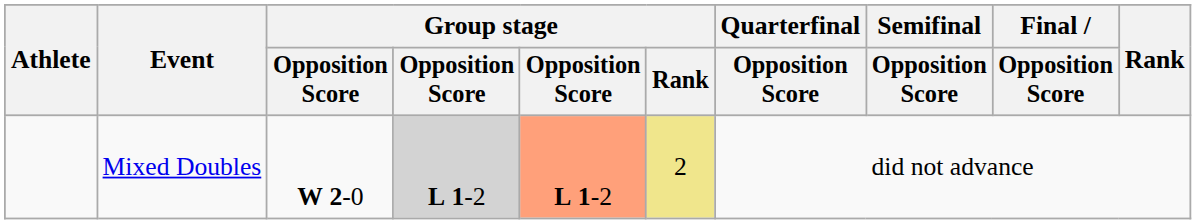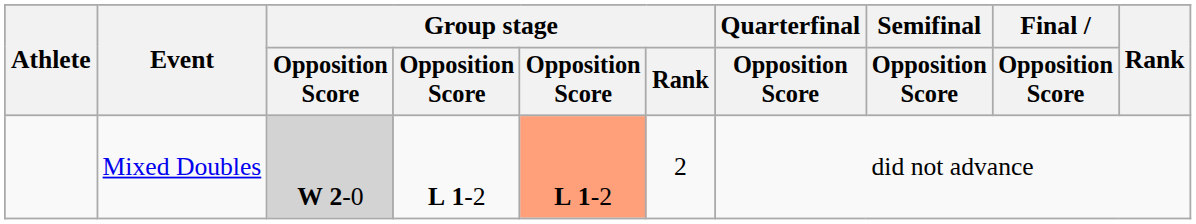 <table class="wikitable" style="font-size:90%">
 <tr>
 <th rowspan=2>Athlete</th>
 <th rowspan=2>Event</th>
 <th colspan=4>Group stage</th>
 <th>Quarterfinal</th>
 <th>Semifinal</th>
 <th>Final / </th>
 <th rowspan=2>Rank</th>
 </tr>
 <tr style="font-size:95%">
 <th>Opposition<br>Score</th>
 <th>Opposition<br>Score</th>
 <th>Opposition<br>Score</th>
 <th>Rank</th>
 <th>Opposition<br>Score</th>
 <th>Opposition<br>Score</th>
 <th>Opposition<br>Score</th>
 </tr>
 <tr align=center>
 <td align=left><br></td>
 <td align=left><a href='#'>Mixed Doubles</a></td>
-<td><small><br></small> <br> <strong>W</strong> <strong>2</strong>-0</td>
-<td style="background: lightgrey;"><small><br></small> <br> <strong>L</strong> <strong>1</strong>-2</td>
+<td style="background: lightgrey;"><small><br></small> <br> <strong>W</strong> <strong>2</strong>-0</td>
+<td><small><br></small> <br> <strong>L</strong> <strong>1</strong>-2</td>
 <td style="background: lightsalmon;"><small><br></small> <br> <strong>L</strong> <strong>1</strong>-2</td>
-<td style="background: khaki;">2</td>
+<td>2</td>
 <td colspan=4>did not advance</td>
 </tr>
 </table>
